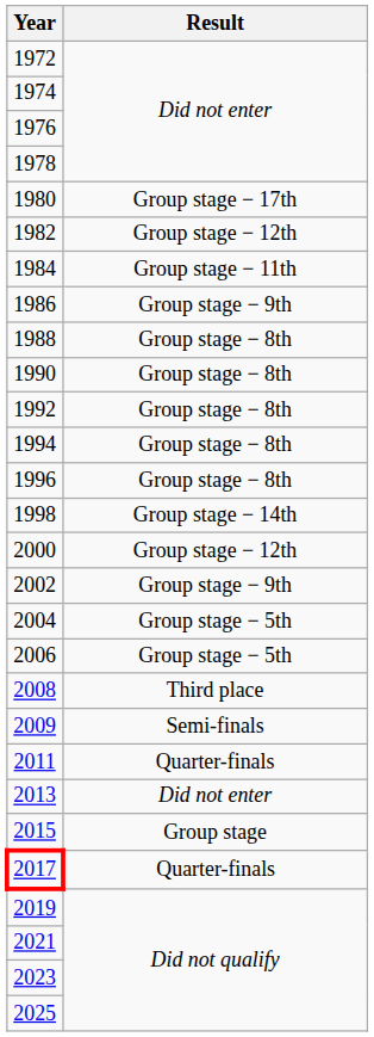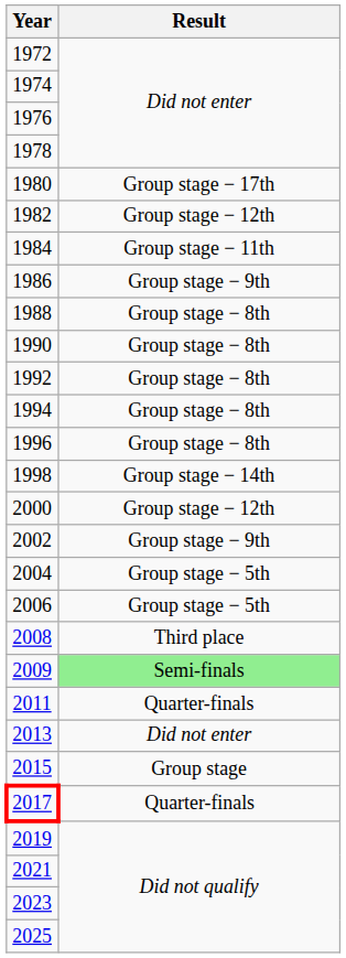 <table class="wikitable" style="text-align: center; font-size:90%">
 <tr>
 <th>Year</th>
 <th style="width:200px">Result</th>
 </tr>
 <tr>
 <td> 1972</td>
 <td rowspan="4"><em>Did not enter</em></td>
 </tr>
 <tr>
 <td> 1974</td>
 </tr>
 <tr>
 <td> 1976</td>
 </tr>
 <tr>
 <td> 1978</td>
 </tr>
 <tr>
 <td> 1980</td>
 <td>Group stage − 17th</td>
 </tr>
 <tr>
 <td> 1982</td>
 <td>Group stage − 12th</td>
 </tr>
 <tr>
 <td> 1984</td>
 <td>Group stage − 11th</td>
 </tr>
 <tr>
 <td> 1986</td>
 <td>Group stage − 9th</td>
 </tr>
 <tr>
 <td> 1988</td>
 <td>Group stage − 8th</td>
 </tr>
 <tr>
 <td> 1990</td>
 <td>Group stage − 8th</td>
 </tr>
 <tr>
 <td> 1992</td>
 <td>Group stage − 8th</td>
 </tr>
 <tr>
 <td> 1994</td>
 <td>Group stage − 8th</td>
 </tr>
 <tr>
 <td> 1996</td>
 <td>Group stage − 8th</td>
 </tr>
 <tr>
 <td> 1998</td>
 <td>Group stage − 14th</td>
 </tr>
 <tr>
 <td> 2000</td>
 <td>Group stage − 12th</td>
 </tr>
 <tr>
 <td> 2002</td>
 <td>Group stage − 9th</td>
 </tr>
 <tr>
 <td> 2004</td>
 <td>Group stage − 5th</td>
 </tr>
 <tr>
 <td> 2006</td>
 <td>Group stage − 5th</td>
 </tr>
 <tr>
 <td> <a href='#'>2008</a></td>
 <td> Third place</td>
 </tr>
 <tr>
 <td> <a href='#'>2009</a></td>
-<td> Semi-finals</td>
+<td style="background: lightgreen;"> Semi-finals</td>
 </tr>
 <tr>
 <td> <a href='#'>2011</a></td>
 <td>Quarter-finals</td>
 </tr>
 <tr>
 <td> <a href='#'>2013</a></td>
 <td><em>Did not enter</em></td>
 </tr>
 <tr>
 <td> <a href='#'>2015</a></td>
 <td>Group stage</td>
 </tr>
 <tr>
 <td style="border: 3px solid red"> <a href='#'>2017</a></td>
 <td>Quarter-finals</td>
 </tr>
 <tr>
 <td> <a href='#'>2019</a></td>
 <td rowspan="4"><em>Did not qualify</em></td>
 </tr>
 <tr>
 <td> <a href='#'>2021</a></td>
 </tr>
 <tr>
 <td> <a href='#'>2023</a></td>
 </tr>
 <tr>
 <td> <a href='#'>2025</a></td>
 </tr>
 </table>
